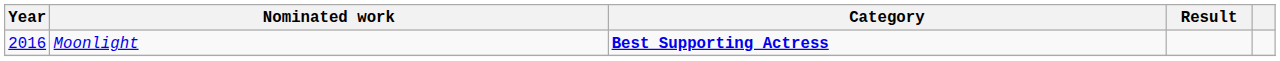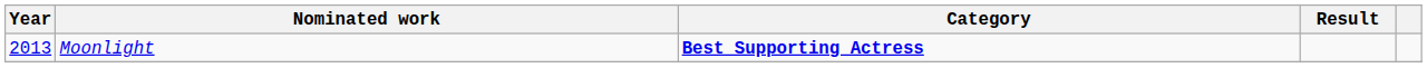 <table class="wikitable">
 <tr>
 <th scope="col" style="width:1em;">Year</th>
 <th scope="col" style="width:35em;">Nominated work</th>
 <th scope="col" style="width:35em;">Category</th>
 <th scope="col" style="width:5em;">Result</th>
 <th scope="col" style="width:1em;"></th>
 </tr>
 <tr>
-<td><a href='#'>2016</a></td>
+<td><a href='#'>2013</a></td>
 <td><em><a href='#'>Moonlight</a></em></td>
 <td><strong><a href='#'>Best Supporting Actress</a></strong></td>
 <td></td>
 <td align="center"></td>
 </tr>
 <tr>
 </tr>
 </table>
